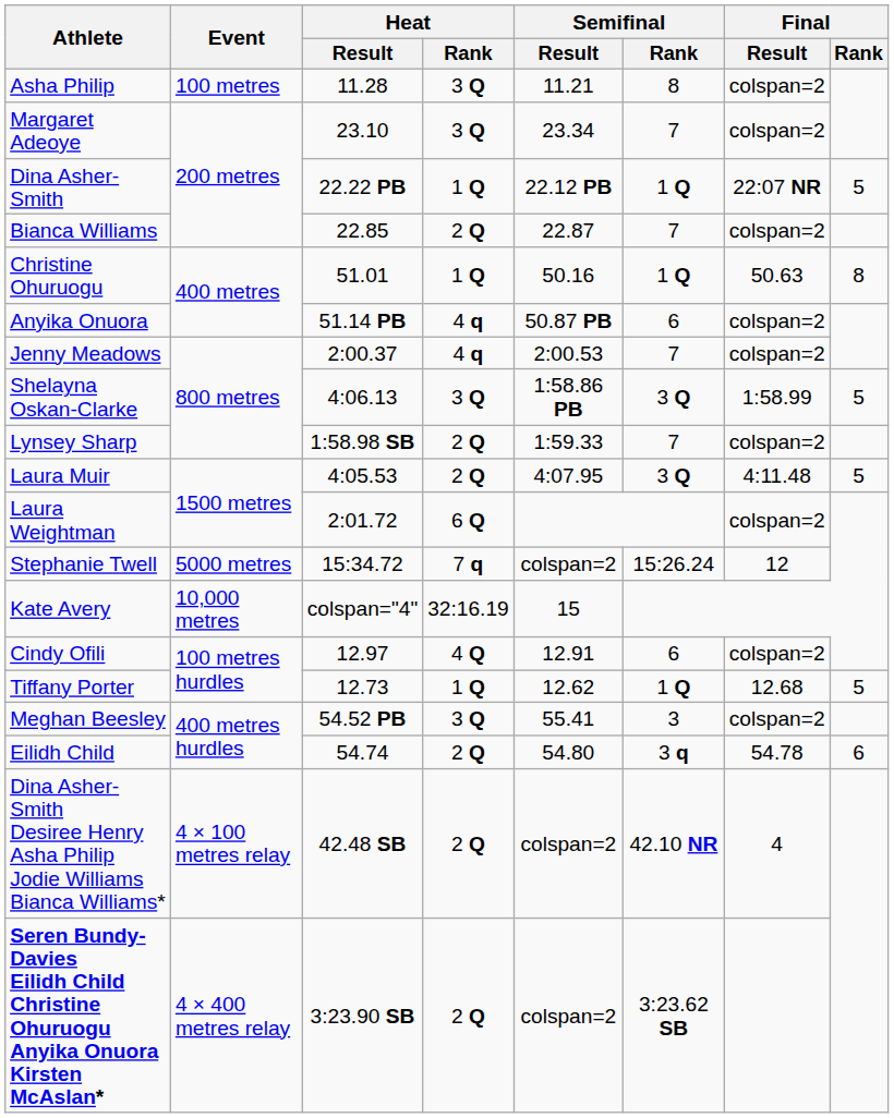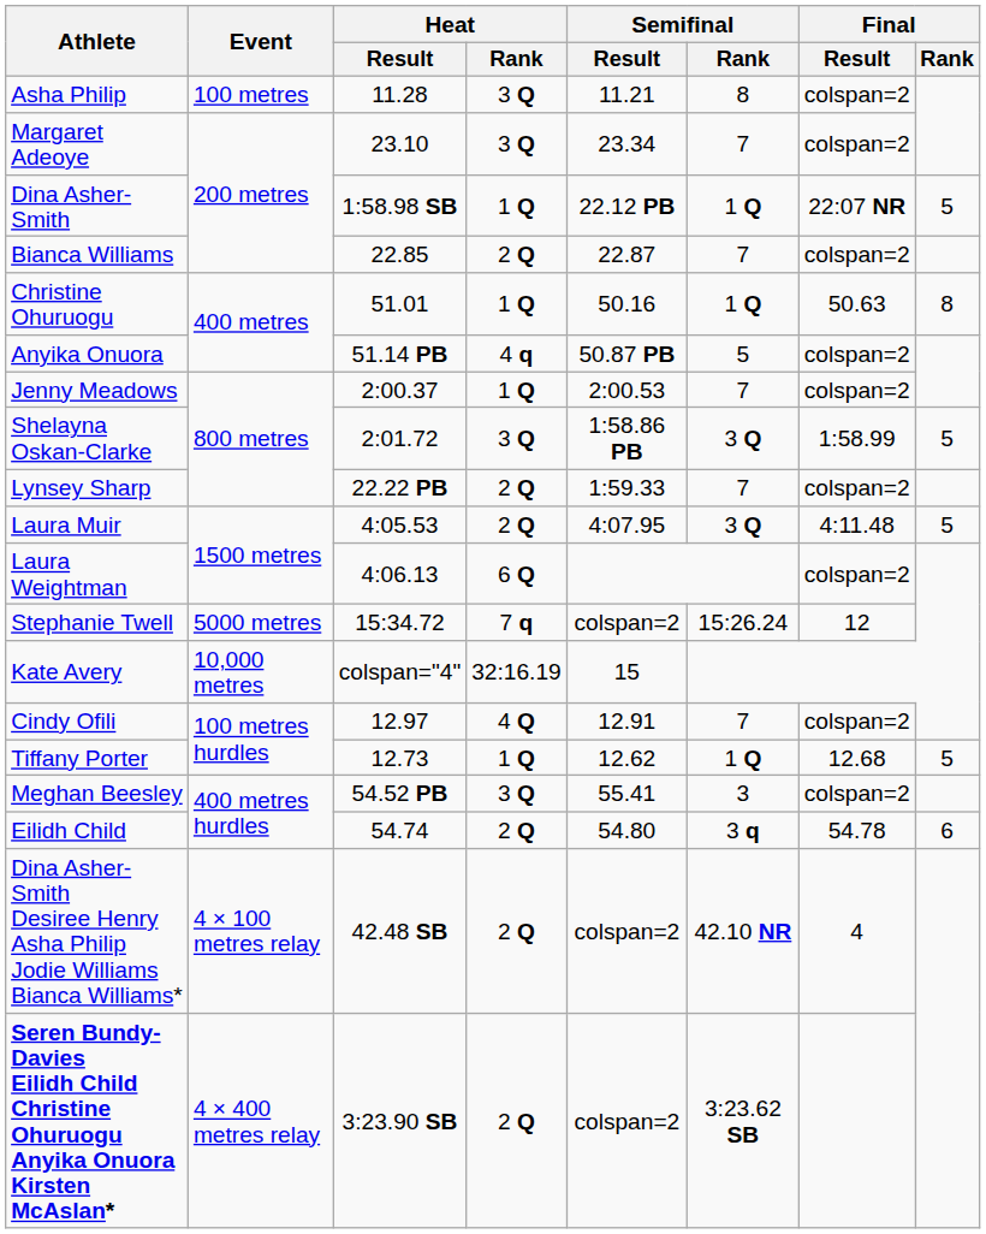 <table class="wikitable" style="font-size:90%">
 <tr>
 <th rowspan="2">Athlete</th>
 <th rowspan="2">Event</th>
 <th colspan="2">Heat</th>
 <th colspan="2">Semifinal</th>
 <th colspan="2">Final</th>
 </tr>
 <tr style="font-size:95%">
 <th>Result</th>
 <th>Rank</th>
 <th>Result</th>
 <th>Rank</th>
 <th>Result</th>
 <th>Rank</th>
 </tr>
 <tr style=text-align:center>
 <td style=text-align:left><a href='#'>Asha Philip</a></td>
 <td style=text-align:left><a href='#'>100 metres</a></td>
 <td>11.28</td>
 <td>3 <strong>Q</strong></td>
 <td>11.21</td>
 <td>8</td>
 <td>colspan=2</td>
 </tr>
 <tr style=text-align:center>
 <td style=text-align:left><a href='#'>Margaret Adeoye</a></td>
 <td style=text-align:left rowspan=3><a href='#'>200 metres</a></td>
 <td>23.10</td>
 <td>3 <strong>Q</strong></td>
 <td>23.34</td>
 <td>7</td>
 <td>colspan=2</td>
 </tr>
 <tr style=text-align:center>
 <td style=text-align:left><a href='#'>Dina Asher-Smith</a></td>
-<td>22.22 <strong>PB</strong></td>
+<td>1:58.98 <strong>SB</strong></td>
 <td>1 <strong>Q</strong></td>
 <td>22.12 <strong>PB</strong></td>
 <td>1 <strong>Q</strong></td>
 <td>22:07 <strong>NR</strong></td>
 <td>5</td>
 </tr>
 <tr style=text-align:center>
 <td style=text-align:left><a href='#'>Bianca Williams</a></td>
 <td>22.85</td>
 <td>2 <strong>Q</strong></td>
 <td>22.87</td>
 <td>7</td>
 <td>colspan=2</td>
 </tr>
 <tr style=text-align:center>
 <td style=text-align:left><a href='#'>Christine Ohuruogu</a></td>
 <td style=text-align:left rowspan=2><a href='#'>400 metres</a></td>
 <td>51.01</td>
 <td>1 <strong>Q</strong></td>
 <td>50.16</td>
 <td>1 <strong>Q</strong></td>
 <td>50.63</td>
 <td>8</td>
 </tr>
 <tr style=text-align:center>
 <td style=text-align:left><a href='#'>Anyika Onuora</a></td>
 <td>51.14 <strong>PB</strong></td>
 <td>4 <strong>q</strong></td>
 <td>50.87 <strong>PB</strong></td>
-<td>6</td>
+<td>5</td>
 <td>colspan=2</td>
 </tr>
 <tr style=text-align:center>
 <td style=text-align:left><a href='#'>Jenny Meadows</a></td>
 <td style=text-align:left rowspan=3><a href='#'>800 metres</a></td>
 <td>2:00.37</td>
-<td>4 <strong>q</strong></td>
+<td>1 <strong>Q</strong></td>
 <td>2:00.53</td>
 <td>7</td>
 <td>colspan=2</td>
 </tr>
 <tr style=text-align:center>
 <td style=text-align:left><a href='#'>Shelayna Oskan-Clarke</a></td>
-<td>4:06.13</td>
+<td>2:01.72</td>
 <td>3 <strong>Q</strong></td>
 <td>1:58.86 <strong>PB</strong></td>
 <td>3 <strong>Q</strong></td>
 <td>1:58.99</td>
 <td>5</td>
 </tr>
 <tr style=text-align:center>
 <td style=text-align:left><a href='#'>Lynsey Sharp</a></td>
-<td>1:58.98 <strong>SB</strong></td>
+<td>22.22 <strong>PB</strong></td>
 <td>2 <strong>Q</strong></td>
 <td>1:59.33</td>
 <td>7</td>
 <td>colspan=2</td>
 </tr>
 <tr style=text-align:center>
 <td style=text-align:left><a href='#'>Laura Muir</a></td>
 <td style=text-align:left rowspan=2><a href='#'>1500 metres</a></td>
 <td>4:05.53</td>
 <td>2 <strong>Q</strong></td>
 <td>4:07.95</td>
 <td>3 <strong>Q</strong></td>
 <td>4:11.48</td>
 <td>5</td>
 </tr>
 <tr style=text-align:center>
 <td style=text-align:left><a href='#'>Laura Weightman</a></td>
-<td>2:01.72</td>
+<td>4:06.13</td>
 <td>6 <strong>Q</strong></td>
 <td colspan=2></td>
 <td>colspan=2</td>
 </tr>
 <tr style=text-align:center>
 <td style=text-align:left><a href='#'>Stephanie Twell</a></td>
 <td style=text-align:left><a href='#'>5000 metres</a></td>
 <td>15:34.72</td>
 <td>7 <strong>q</strong></td>
 <td>colspan=2 </td>
 <td>15:26.24</td>
 <td>12</td>
 </tr>
 <tr style=text-align:center>
 <td style=text-align:left><a href='#'>Kate Avery</a></td>
 <td style=text-align:left><a href='#'>10,000 metres</a></td>
 <td>colspan="4" </td>
 <td>32:16.19</td>
 <td>15</td>
 </tr>
 <tr style=text-align:center>
 <td style=text-align:left><a href='#'>Cindy Ofili</a></td>
 <td style=text-align:left rowspan=2><a href='#'>100 metres hurdles</a></td>
 <td>12.97</td>
 <td>4 <strong>Q</strong></td>
 <td>12.91</td>
-<td>6</td>
+<td>7</td>
 <td>colspan=2</td>
 </tr>
 <tr style=text-align:center>
 <td style=text-align:left><a href='#'>Tiffany Porter</a></td>
 <td>12.73</td>
 <td>1 <strong>Q</strong></td>
 <td>12.62</td>
 <td>1 <strong>Q</strong></td>
 <td>12.68</td>
 <td>5</td>
 </tr>
 <tr style=text-align:center>
 <td style=text-align:left><a href='#'>Meghan Beesley</a></td>
 <td style=text-align:left rowspan=2><a href='#'>400 metres hurdles</a></td>
 <td>54.52 <strong>PB</strong></td>
 <td>3 <strong>Q</strong></td>
 <td>55.41</td>
 <td>3</td>
 <td>colspan=2</td>
 </tr>
 <tr style=text-align:center>
 <td style=text-align:left><a href='#'>Eilidh Child</a></td>
 <td>54.74</td>
 <td>2 <strong>Q</strong></td>
 <td>54.80</td>
 <td>3 <strong>q</strong></td>
 <td>54.78</td>
 <td>6</td>
 </tr>
 <tr style=text-align:center>
 <td style=text-align:left><a href='#'>Dina Asher-Smith</a><br><a href='#'>Desiree Henry</a><br><a href='#'>Asha Philip</a><br><a href='#'>Jodie Williams</a><br><a href='#'>Bianca Williams</a>*</td>
 <td style=text-align:left><a href='#'>4 × 100 metres relay</a></td>
 <td>42.48 <strong>SB</strong></td>
 <td>2 <strong>Q</strong></td>
 <td>colspan=2 </td>
 <td>42.10 <strong><a href='#'>NR</a></strong></td>
 <td>4</td>
 </tr>
 <tr style=text-align:center>
 <td style=text-align:left><strong><a href='#'>Seren Bundy-Davies</a> <br> <a href='#'>Eilidh Child</a> <br><a href='#'>Christine Ohuruogu</a><br><a href='#'>Anyika Onuora</a><br><a href='#'>Kirsten McAslan</a>*</strong></td>
 <td style=text-align:left><a href='#'>4 × 400 metres relay</a></td>
 <td>3:23.90 <strong>SB</strong></td>
 <td>2 <strong>Q</strong></td>
 <td>colspan=2 </td>
 <td>3:23.62 <strong>SB</strong></td>
 <td></td>
 </tr>
 </table>
